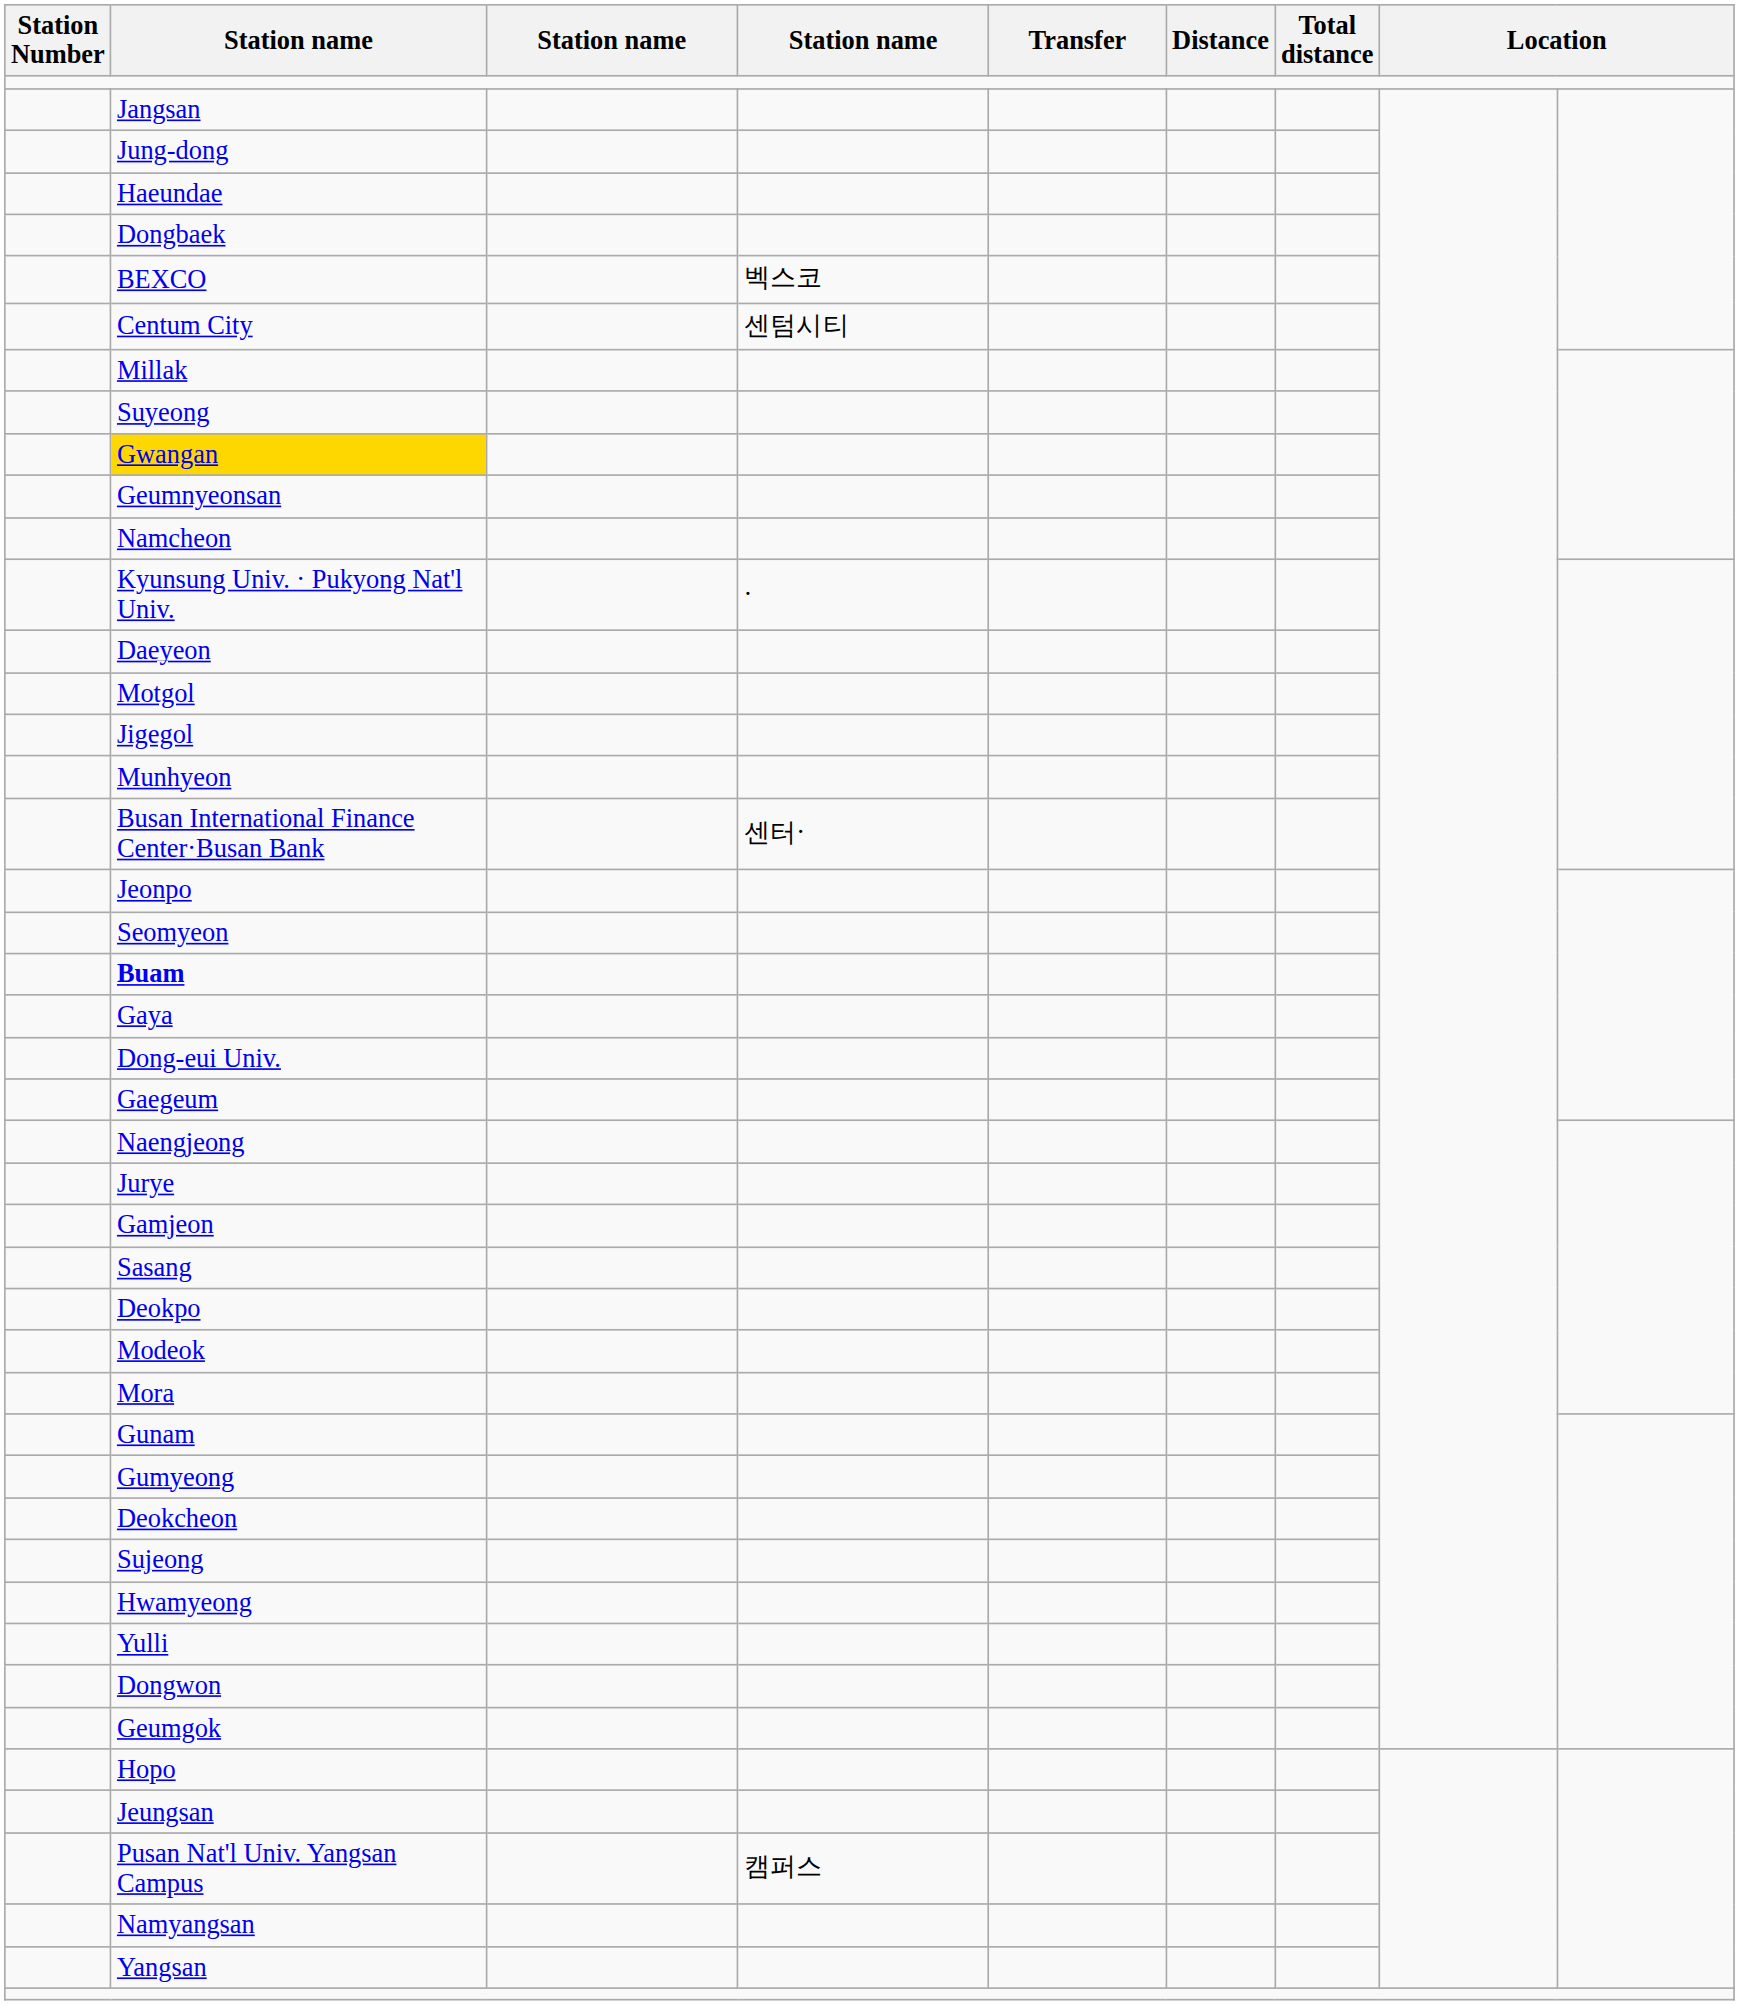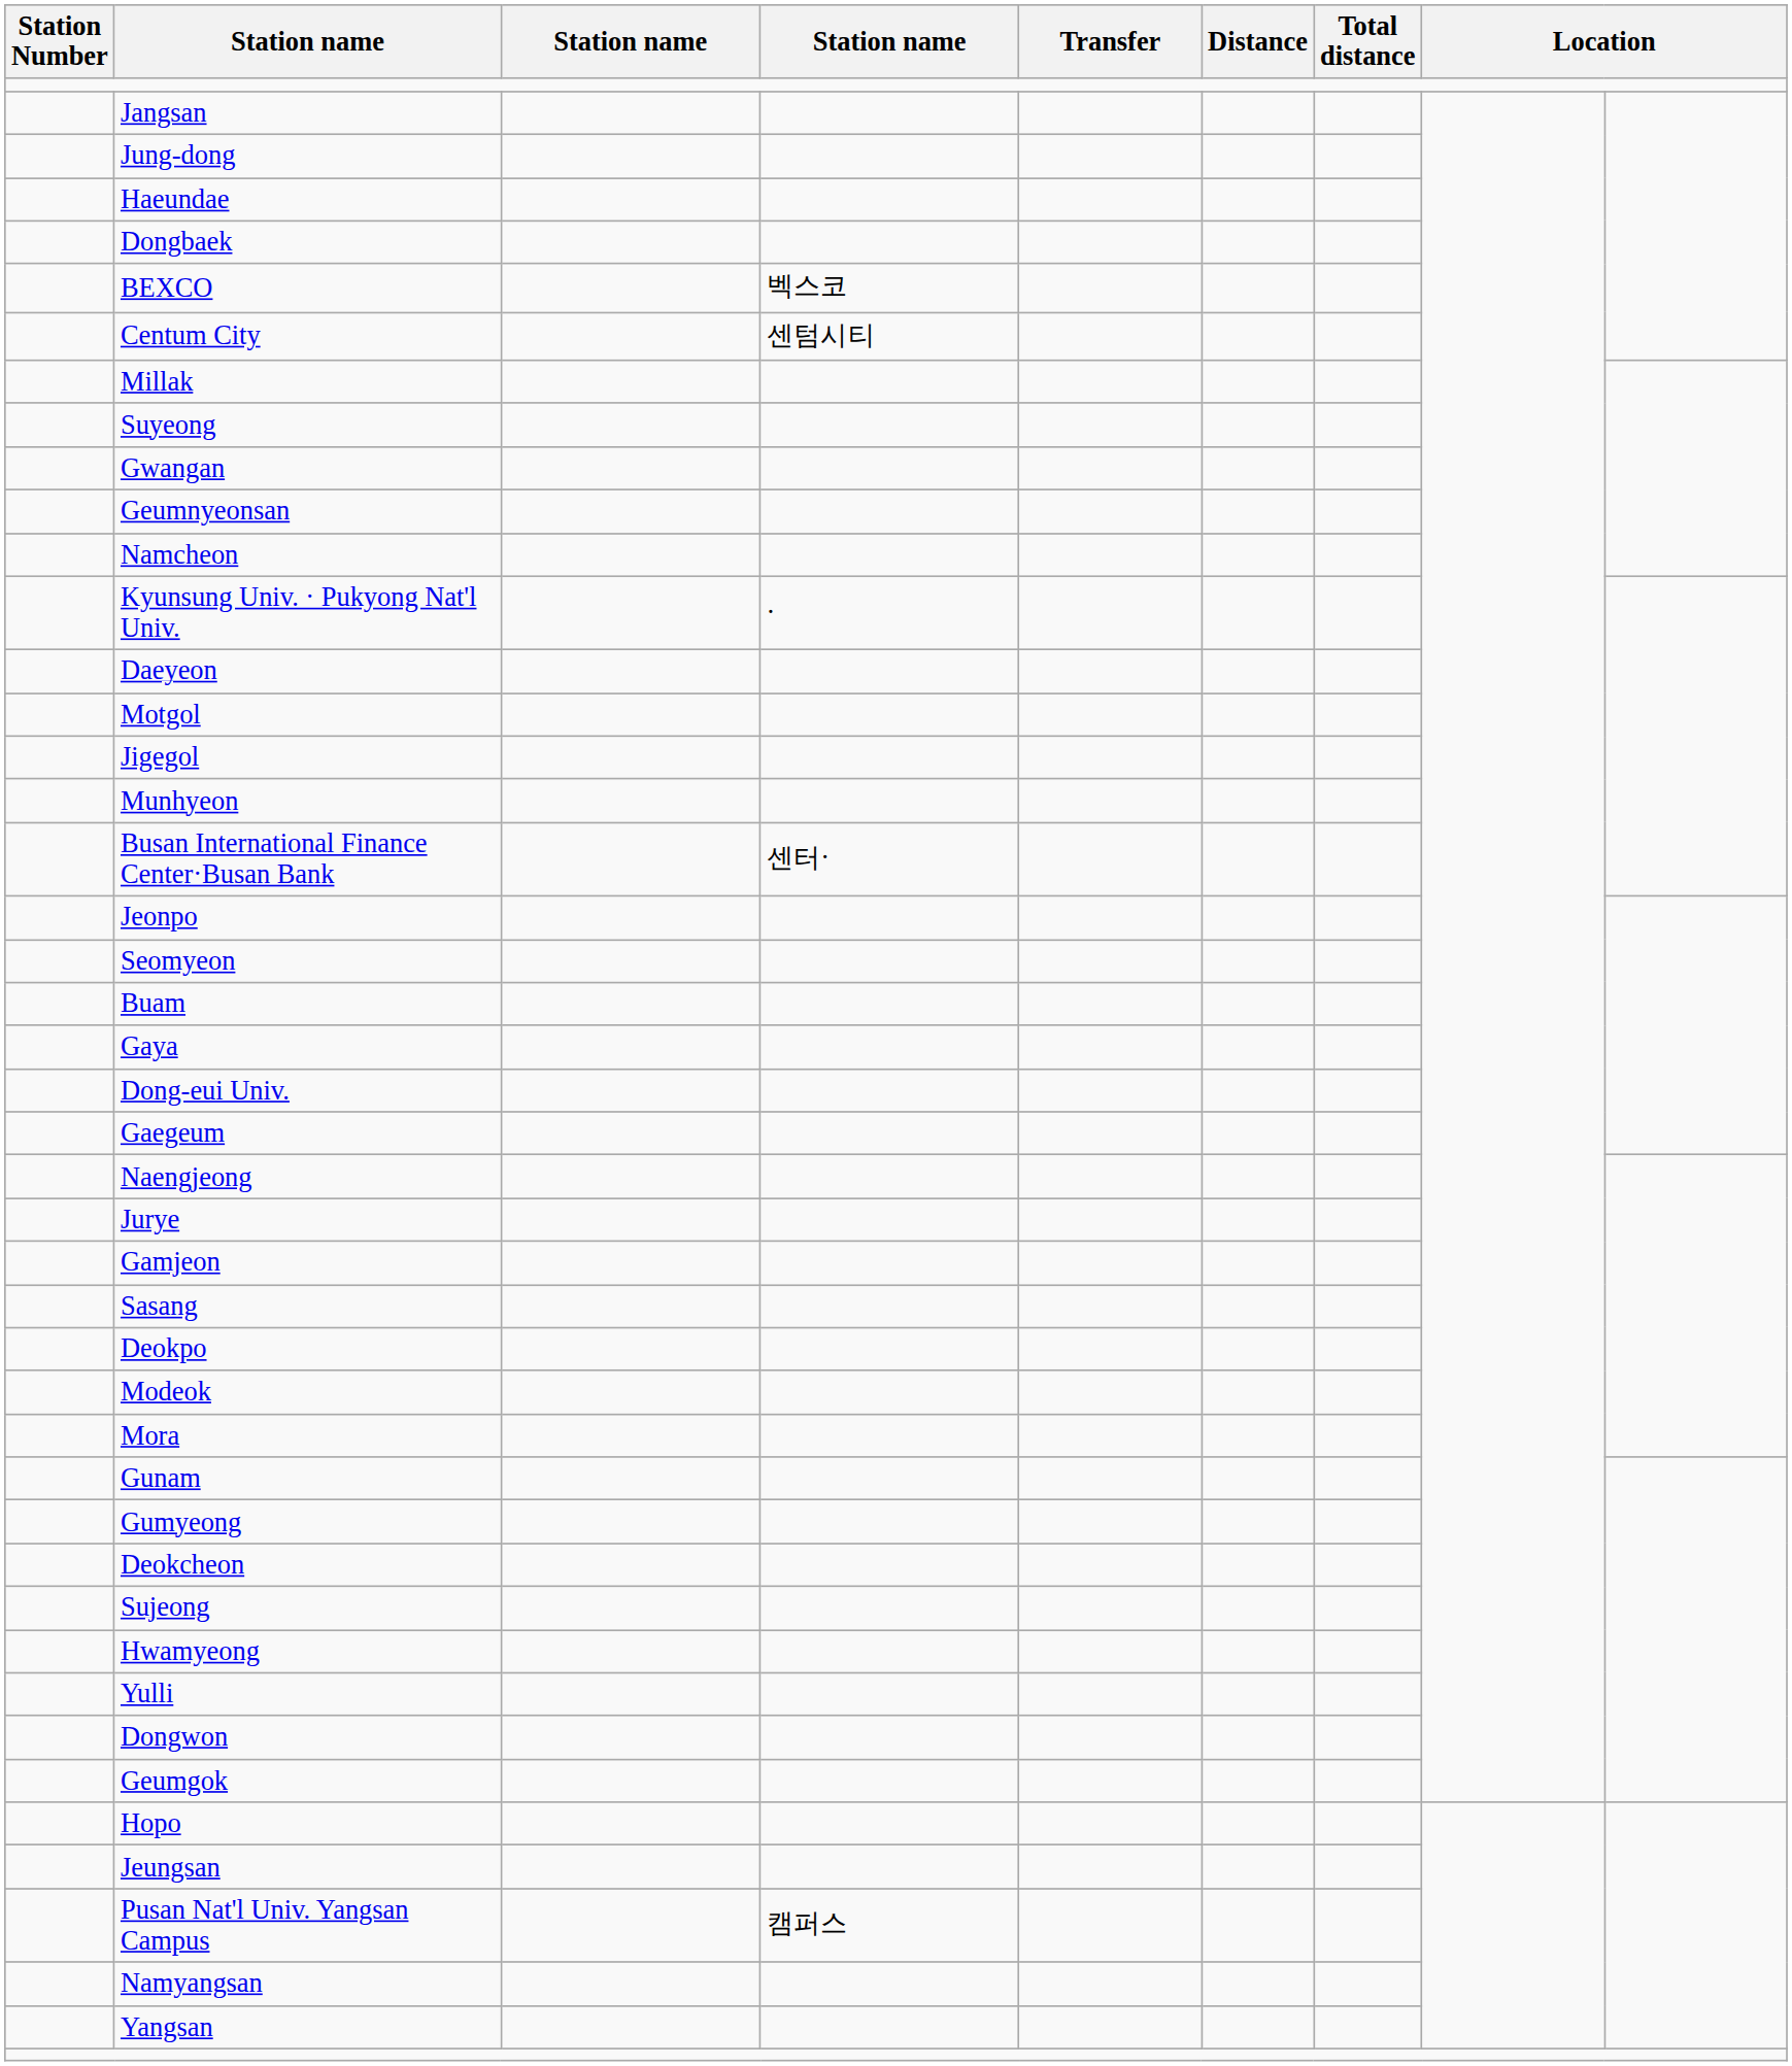 <table class="wikitable">
 <tr>
 <th>Station<br>Number</th>
 <th width = "220pt">Station name<br></th>
 <th width = "145pt">Station name<br></th>
 <th width = "145pt">Station name<br></th>
 <th width = "100pt">Transfer</th>
 <th>Distance<br></th>
 <th>Total<br>distance</th>
 <th colspan = "2">Location</th>
 </tr>
 <tr style="background:#">
 <td colspan = "10"></td>
 </tr>
 <tr>
 <td></td>
 <td><a href='#'>Jangsan</a></td>
 <td><br><small></small></td>
 <td></td>
 <td></td>
 <td></td>
 <td></td>
 <td width = "75pt" rowspan = "38"></td>
 <td width = "100pt" rowspan = "6"></td>
 </tr>
 <tr>
 <td></td>
 <td><a href='#'>Jung-dong</a></td>
 <td></td>
 <td></td>
 <td></td>
 <td></td>
 <td></td>
 </tr>
 <tr>
 <td></td>
 <td><a href='#'>Haeundae</a></td>
 <td></td>
 <td></td>
 <td></td>
 <td></td>
 <td></td>
 </tr>
 <tr>
 <td></td>
 <td><a href='#'>Dongbaek</a></td>
 <td></td>
 <td></td>
 <td></td>
 <td></td>
 <td></td>
 </tr>
 <tr>
 <td></td>
 <td><a href='#'>BEXCO</a></td>
 <td></td>
 <td>벡스코</td>
 <td></td>
 <td></td>
 <td></td>
 </tr>
 <tr>
 <td></td>
 <td><a href='#'>Centum City</a></td>
 <td> <br><small></small></td>
 <td>센텀시티</td>
 <td></td>
 <td></td>
 <td></td>
 </tr>
 <tr>
 <td></td>
 <td><a href='#'>Millak</a></td>
 <td></td>
 <td></td>
 <td></td>
 <td></td>
 <td></td>
 <td width = "100pt" rowspan = "5"></td>
 </tr>
 <tr>
 <td></td>
 <td><a href='#'>Suyeong</a></td>
 <td></td>
 <td></td>
 <td></td>
 <td></td>
 <td></td>
 </tr>
 <tr>
 <td></td>
-<td style="background: gold;"><a href='#'>Gwangan</a></td>
+<td><a href='#'>Gwangan</a></td>
 <td></td>
 <td></td>
 <td></td>
 <td></td>
 <td></td>
 </tr>
 <tr>
 <td></td>
 <td><a href='#'>Geumnyeonsan</a></td>
 <td> <br><small></small></td>
 <td></td>
 <td></td>
 <td></td>
 <td></td>
 </tr>
 <tr>
 <td></td>
 <td><a href='#'>Namcheon</a></td>
 <td> <br><small></small></td>
 <td></td>
 <td></td>
 <td></td>
 <td></td>
 </tr>
 <tr>
 <td></td>
 <td><a href='#'>Kyunsung Univ. · Pukyong Nat'l Univ.</a></td>
 <td> <br><small></small></td>
 <td>·</td>
 <td></td>
 <td></td>
 <td></td>
 <td width = "100pt" rowspan = "6"></td>
 </tr>
 <tr>
 <td></td>
 <td><a href='#'>Daeyeon</a></td>
 <td> <br><small></small></td>
 <td></td>
 <td></td>
 <td></td>
 <td></td>
 </tr>
 <tr>
 <td></td>
 <td><a href='#'>Motgol</a></td>
 <td> <br><small></small></td>
 <td></td>
 <td></td>
 <td></td>
 <td></td>
 </tr>
 <tr>
 <td></td>
 <td><a href='#'>Jigegol</a></td>
 <td></td>
 <td></td>
 <td></td>
 <td></td>
 <td></td>
 </tr>
 <tr>
 <td></td>
 <td><a href='#'>Munhyeon</a></td>
 <td></td>
 <td></td>
 <td></td>
 <td></td>
 <td></td>
 </tr>
 <tr>
 <td></td>
 <td><a href='#'>Busan International Finance Center·Busan Bank</a></td>
 <td></td>
 <td>센터·</td>
 <td></td>
 <td></td>
 <td></td>
 </tr>
 <tr>
 <td></td>
 <td><a href='#'>Jeonpo</a></td>
 <td></td>
 <td></td>
 <td></td>
 <td></td>
 <td></td>
 <td width = "100pt" rowspan = "6"></td>
 </tr>
 <tr>
 <td></td>
 <td><a href='#'>Seomyeon</a></td>
 <td></td>
 <td></td>
 <td></td>
 <td></td>
 <td></td>
 </tr>
 <tr>
 <td></td>
-<td><strong><a href='#'>Buam</a></strong></td>
+<td><a href='#'>Buam</a></td>
 <td> <br><small></small></td>
 <td></td>
 <td></td>
 <td></td>
 <td></td>
 </tr>
 <tr>
 <td></td>
 <td><a href='#'>Gaya</a></td>
 <td></td>
 <td></td>
 <td></td>
 <td></td>
 <td></td>
 </tr>
 <tr>
 <td></td>
 <td><a href='#'>Dong-eui Univ.</a></td>
 <td></td>
 <td></td>
 <td></td>
 <td></td>
 <td></td>
 </tr>
 <tr>
 <td></td>
 <td><a href='#'>Gaegeum</a></td>
 <td></td>
 <td></td>
 <td></td>
 <td></td>
 <td></td>
 </tr>
 <tr>
 <td></td>
 <td><a href='#'>Naengjeong</a></td>
 <td></td>
 <td></td>
 <td></td>
 <td></td>
 <td></td>
 <td width = "100pt" rowspan = "7"></td>
 </tr>
 <tr>
 <td></td>
 <td><a href='#'>Jurye</a></td>
 <td></td>
 <td></td>
 <td></td>
 <td></td>
 <td></td>
 </tr>
 <tr>
 <td></td>
 <td><a href='#'>Gamjeon</a></td>
 <td><br><small></small></td>
 <td></td>
 <td></td>
 <td></td>
 <td></td>
 </tr>
 <tr>
 <td></td>
 <td><a href='#'>Sasang</a></td>
 <td><br><small></small></td>
 <td></td>
 <td></td>
 <td></td>
 <td></td>
 </tr>
 <tr>
 <td></td>
 <td><a href='#'>Deokpo</a></td>
 <td></td>
 <td></td>
 <td></td>
 <td></td>
 <td></td>
 </tr>
 <tr>
 <td></td>
 <td><a href='#'>Modeok</a></td>
 <td></td>
 <td></td>
 <td></td>
 <td></td>
 <td></td>
 </tr>
 <tr>
 <td></td>
 <td><a href='#'>Mora</a></td>
 <td></td>
 <td></td>
 <td></td>
 <td></td>
 <td></td>
 </tr>
 <tr>
 <td></td>
 <td><a href='#'>Gunam</a></td>
 <td></td>
 <td></td>
 <td></td>
 <td></td>
 <td></td>
 <td width = "100pt" rowspan = "8"></td>
 </tr>
 <tr>
 <td></td>
 <td><a href='#'>Gumyeong</a></td>
 <td></td>
 <td></td>
 <td></td>
 <td></td>
 <td></td>
 </tr>
 <tr>
 <td></td>
 <td><a href='#'>Deokcheon</a></td>
 <td><br><small></small></td>
 <td></td>
 <td></td>
 <td></td>
 <td></td>
 </tr>
 <tr>
 <td></td>
 <td><a href='#'>Sujeong</a></td>
 <td><br><small></small></td>
 <td></td>
 <td></td>
 <td></td>
 <td></td>
 </tr>
 <tr>
 <td></td>
 <td><a href='#'>Hwamyeong</a></td>
 <td></td>
 <td></td>
 <td></td>
 <td></td>
 <td></td>
 </tr>
 <tr>
 <td></td>
 <td><a href='#'>Yulli</a></td>
 <td></td>
 <td></td>
 <td></td>
 <td></td>
 <td></td>
 </tr>
 <tr>
 <td></td>
 <td><a href='#'>Dongwon</a></td>
 <td></td>
 <td></td>
 <td></td>
 <td></td>
 <td></td>
 </tr>
 <tr>
 <td></td>
 <td><a href='#'>Geumgok</a></td>
 <td></td>
 <td></td>
 <td></td>
 <td></td>
 <td></td>
 </tr>
 <tr>
 <td></td>
 <td><a href='#'>Hopo</a></td>
 <td></td>
 <td></td>
 <td></td>
 <td></td>
 <td></td>
 <td width = "100pt" rowspan = "5"></td>
 <td width = "100pt" rowspan = "5"></td>
 </tr>
 <tr>
 <td></td>
 <td><a href='#'>Jeungsan</a></td>
 <td></td>
 <td></td>
 <td></td>
 <td></td>
 <td></td>
 </tr>
 <tr>
 <td></td>
 <td><a href='#'>Pusan Nat'l Univ. Yangsan Campus</a></td>
 <td></td>
 <td>캠퍼스</td>
 <td></td>
 <td></td>
 <td></td>
 </tr>
 <tr>
 <td></td>
 <td><a href='#'>Namyangsan</a></td>
 <td><br><small></small></td>
 <td></td>
 <td></td>
 <td></td>
 <td></td>
 </tr>
 <tr>
 <td></td>
 <td><a href='#'>Yangsan</a></td>
 <td><br><small></small></td>
 <td></td>
 <td></td>
 <td></td>
 <td></td>
 </tr>
 <tr style="background:#">
 <td colspan = "10"></td>
 </tr>
 </table>
